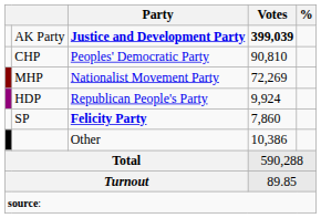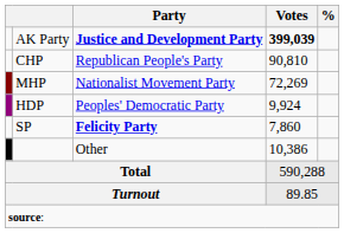 <table class="wikitable">
 <tr>
 <th colspan="2" align="center"></th>
 <th align="center">Party</th>
 <th align="center">Votes</th>
 <th align="center">%</th>
 </tr>
 <tr align="left">
 <td></td>
 <td>AK Party</td>
 <td><strong><a href='#'>Justice and Development Party</a></strong></td>
 <td><strong>399,039</strong></td>
 <td><strong></strong></td>
 </tr>
 <tr align="left">
 <td></td>
 <td>CHP</td>
-<td><a href='#'>Peoples' Democratic Party</a></td>
+<td><a href='#'>Republican People's Party</a></td>
 <td>90,810</td>
 <td></td>
 </tr>
 <tr align="left">
 <td bgcolor="#870000" width="1"></td>
 <td>MHP</td>
 <td><a href='#'>Nationalist Movement Party</a></td>
 <td>72,269</td>
 <td></td>
 </tr>
 <tr align="left">
 <td bgcolor="#91007B" width="1"></td>
 <td>HDP</td>
-<td><a href='#'>Republican People's Party</a></td>
+<td><a href='#'>Peoples' Democratic Party</a></td>
 <td>9,924</td>
 <td></td>
 </tr>
 <tr align="left">
 <td></td>
 <td>SP</td>
 <td><strong><a href='#'>Felicity Party</a></strong></td>
 <td>7,860</td>
 <td></td>
 </tr>
 <tr align="left">
 <td bgcolor=" " width="1"></td>
 <td></td>
 <td>Other</td>
 <td>10,386</td>
 <td></td>
 </tr>
 <tr align="left" style="background-color:#E9E9E9">
 <th colspan="3" align="center"><strong>Total</strong></th>
 <td colspan="5" align="center">590,288</td>
 </tr>
 <tr align="left" style="background-color:#E9E9E9">
 <th colspan="3" align="center"><em>Turnout</em></th>
 <td colspan="5" align="center">89.85</td>
 </tr>
 <tr>
 <td colspan="9" align="left"><small><strong>source</strong>: </small></td>
 </tr>
 </table>
